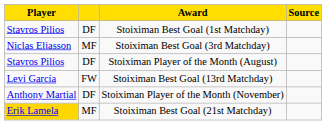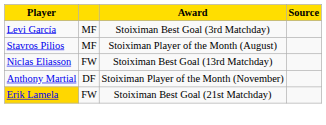 <table class="wikitable">
 <tr>
 <th style="background:#FFDE00">Player</th>
 <th style="background:#FFDE00"></th>
 <th style="background:#FFDE00">Award</th>
 <th style="background:#FFDE00">Source</th>
 </tr>
 <tr>
-<td> <a href='#'>Stavros Pilios</a></td>
-<td align="center">DF</td>
-<td align="center">Stoiximan Best Goal (1st Matchday)</td>
-<td align="center"></td>
-</tr>
-<tr>
-<td> <a href='#'>Niclas Eliasson</a></td>
+<td> <a href='#'>Levi García</a></td>
 <td align="center">MF</td>
 <td align="center">Stoiximan Best Goal (3rd Matchday)</td>
 <td align="center"></td>
 </tr>
 <tr>
 <td> <a href='#'>Stavros Pilios</a></td>
-<td align="center">DF</td>
+<td align="center">MF</td>
 <td align="center">Stoiximan Player of the Month (August)</td>
 <td align="center"></td>
 </tr>
 <tr>
-<td> <a href='#'>Levi García</a></td>
+<td> <a href='#'>Niclas Eliasson</a></td>
 <td align="center">FW</td>
 <td align="center">Stoiximan Best Goal (13rd Matchday)</td>
 <td align="center"></td>
 </tr>
 <tr>
 <td> <a href='#'>Anthony Martial</a></td>
 <td align="center">DF</td>
 <td align="center">Stoiximan Player of the Month (November)</td>
 <td align="center"></td>
 </tr>
 <tr>
 <td style="background: gold;"> <a href='#'>Erik Lamela</a></td>
-<td align="center">MF</td>
+<td align="center">FW</td>
 <td align="center">Stoiximan Best Goal (21st Matchday)</td>
 <td align="center"></td>
 </tr>
 </table>
